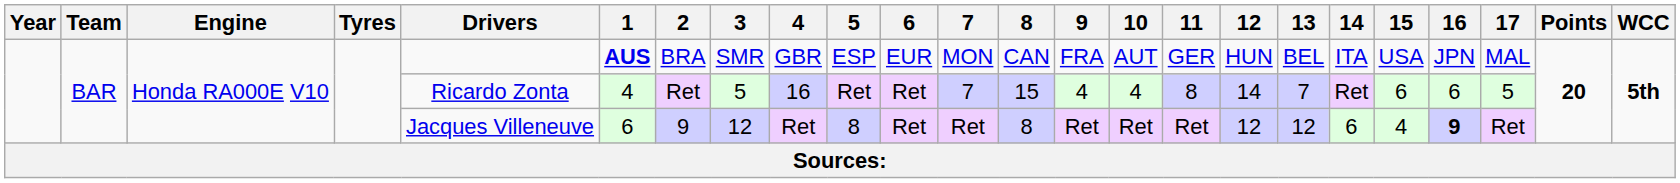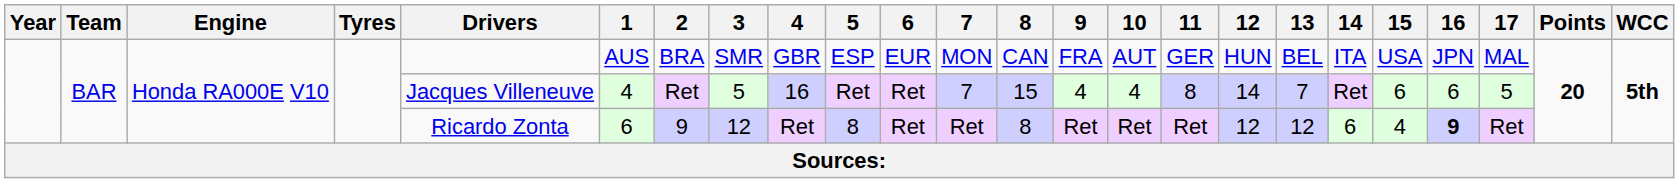 <table class="wikitable" style="text-align:center; font-size:95%">
 <tr>
 <th>Year</th>
 <th>Team</th>
 <th>Engine</th>
 <th>Tyres</th>
 <th>Drivers</th>
 <th>1</th>
 <th>2</th>
 <th>3</th>
 <th>4</th>
 <th>5</th>
 <th>6</th>
 <th>7</th>
 <th>8</th>
 <th>9</th>
 <th>10</th>
 <th>11</th>
 <th>12</th>
 <th>13</th>
 <th>14</th>
 <th>15</th>
 <th>16</th>
 <th>17</th>
 <th>Points</th>
 <th>WCC</th>
 </tr>
 <tr>
 <td rowspan="3"></td>
 <td rowspan="3"><a href='#'>BAR</a></td>
 <td rowspan="3"><a href='#'>Honda RA000E</a> <a href='#'>V10</a></td>
 <td rowspan="3"></td>
 <td></td>
-<td><strong><a href='#'>AUS</a></strong></td>
+<td><a href='#'>AUS</a></td>
 <td><a href='#'>BRA</a></td>
 <td><a href='#'>SMR</a></td>
 <td><a href='#'>GBR</a></td>
 <td><a href='#'>ESP</a></td>
 <td><a href='#'>EUR</a></td>
 <td><a href='#'>MON</a></td>
 <td><a href='#'>CAN</a></td>
 <td><a href='#'>FRA</a></td>
 <td><a href='#'>AUT</a></td>
 <td><a href='#'>GER</a></td>
 <td><a href='#'>HUN</a></td>
 <td><a href='#'>BEL</a></td>
 <td><a href='#'>ITA</a></td>
 <td><a href='#'>USA</a></td>
 <td><a href='#'>JPN</a></td>
 <td><a href='#'>MAL</a></td>
 <td rowspan="3"><strong>20</strong></td>
 <td rowspan="3"><strong>5th</strong></td>
 </tr>
 <tr>
-<td> <a href='#'>Ricardo Zonta</a></td>
+<td> <a href='#'>Jacques Villeneuve</a></td>
 <td style="background:#DFFFDF;">4</td>
 <td style="background:#EFCFFF;">Ret</td>
 <td style="background:#DFFFDF;">5</td>
 <td style="background:#CFCFFF;">16</td>
 <td style="background:#EFCFFF;">Ret</td>
 <td style="background:#EFCFFF;">Ret</td>
 <td style="background:#CFCFFF;">7</td>
 <td style="background:#CFCFFF;">15</td>
 <td style="background:#DFFFDF;">4</td>
 <td style="background:#DFFFDF;">4</td>
 <td style="background:#CFCFFF;">8</td>
 <td style="background:#CFCFFF;">14</td>
 <td style="background:#CFCFFF;">7</td>
 <td style="background:#EFCFFF;">Ret</td>
 <td style="background:#DFFFDF;">6</td>
 <td style="background:#DFFFDF;">6</td>
 <td style="background:#DFFFDF;">5</td>
 </tr>
 <tr>
-<td> <a href='#'>Jacques Villeneuve</a></td>
+<td> <a href='#'>Ricardo Zonta</a></td>
 <td style="background:#DFFFDF;">6</td>
 <td style="background:#CFCFFF;">9</td>
 <td style="background:#CFCFFF;">12</td>
 <td style="background:#EFCFFF;">Ret</td>
 <td style="background:#CFCFFF;">8</td>
 <td style="background:#EFCFFF;">Ret</td>
 <td style="background:#EFCFFF;">Ret</td>
 <td style="background:#CFCFFF;">8</td>
 <td style="background:#EFCFFF;">Ret</td>
 <td style="background:#EFCFFF;">Ret</td>
 <td style="background:#EFCFFF;">Ret</td>
 <td style="background:#CFCFFF;">12</td>
 <td style="background:#CFCFFF;">12</td>
 <td style="background:#DFFFDF;">6</td>
 <td style="background:#DFFFDF;">4</td>
 <td style="background:#CFCFFF;"><strong>9</strong></td>
 <td style="background:#EFCFFF;">Ret</td>
 </tr>
 <tr>
 <th colspan="24">Sources:</th>
 </tr>
 </table>
